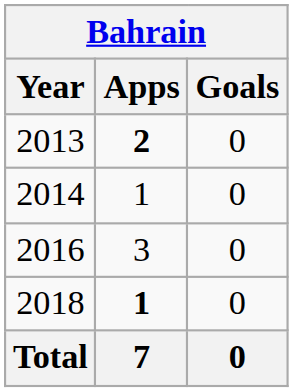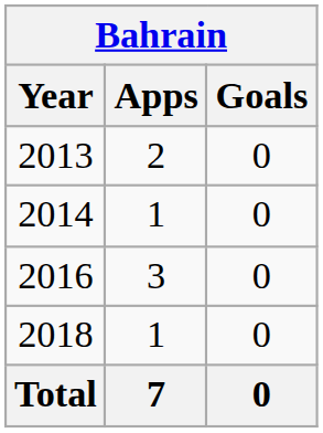 <table class="wikitable" style="text-align:center">
 <tr>
 <th colspan=3><a href='#'>Bahrain</a></th>
 </tr>
 <tr>
 <th>Year</th>
 <th>Apps</th>
 <th>Goals</th>
 </tr>
 <tr>
 <td>2013</td>
-<td><strong>2</strong></td>
+<td>2</td>
 <td>0</td>
 </tr>
 <tr>
 <td>2014</td>
 <td>1</td>
 <td>0</td>
 </tr>
 <tr>
 <td>2016</td>
 <td>3</td>
 <td>0</td>
 </tr>
 <tr>
 <td>2018</td>
-<td><strong>1</strong></td>
+<td>1</td>
 <td>0</td>
 </tr>
 <tr>
 <th>Total</th>
 <th>7</th>
 <th>0</th>
 </tr>
 </table>
